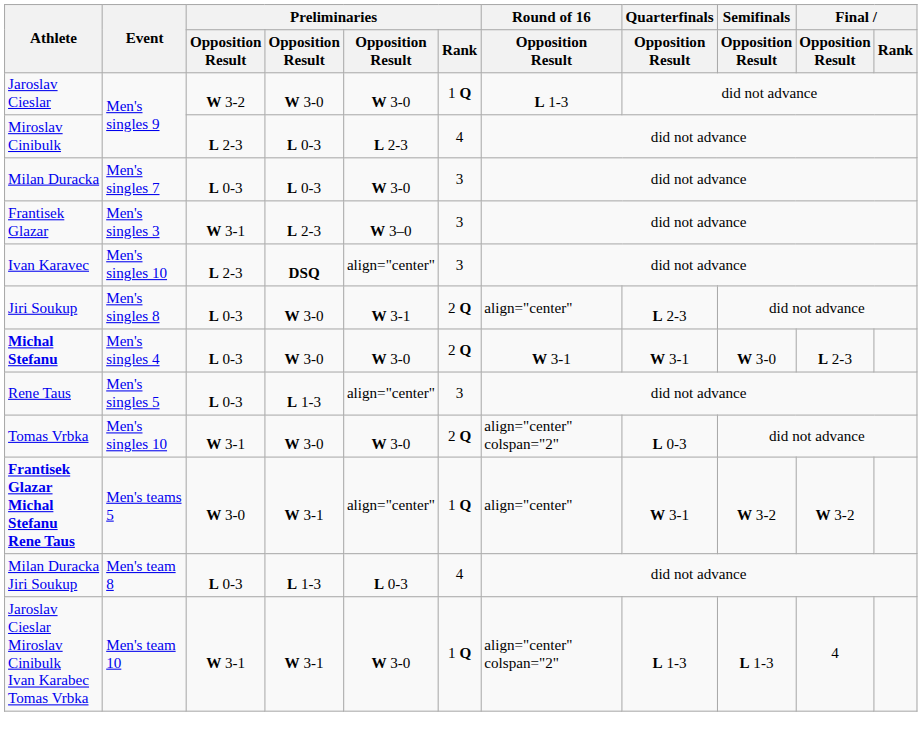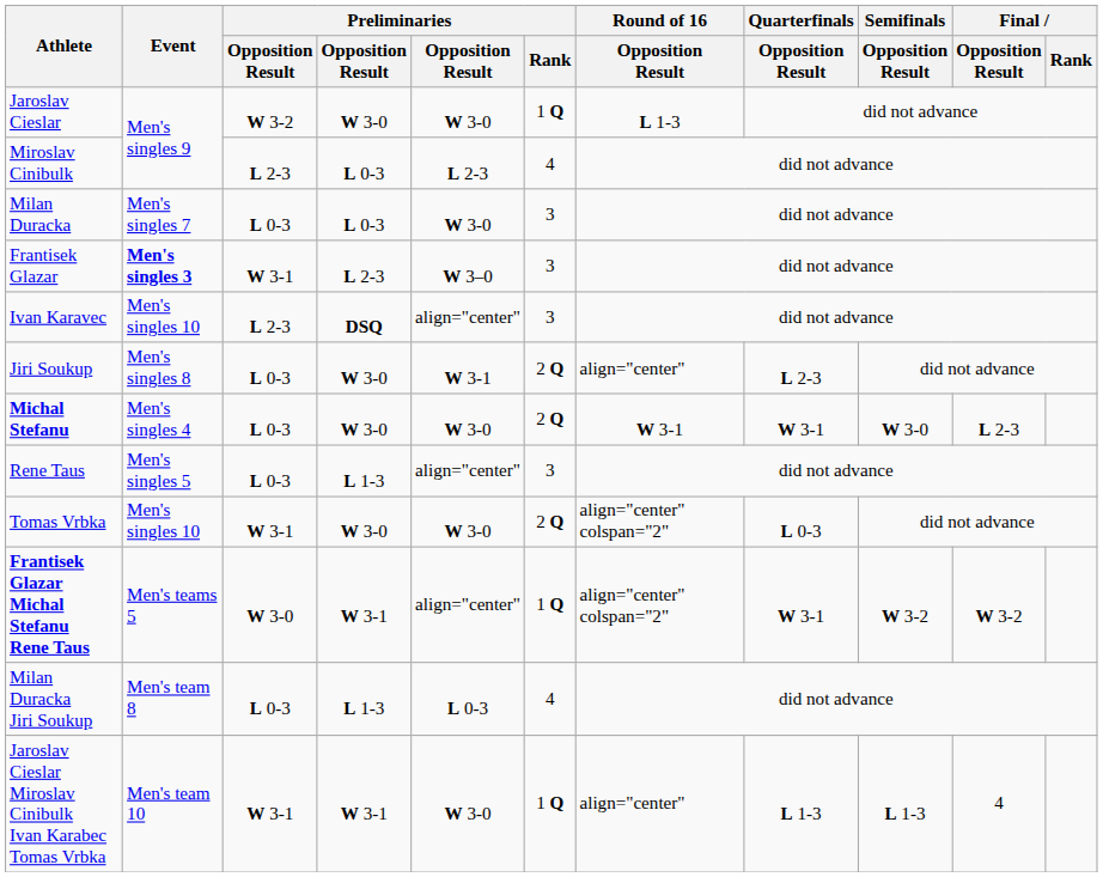 <table class=wikitable style="font-size:90%">
 <tr>
 <th rowspan="2">Athlete</th>
 <th rowspan="2">Event</th>
 <th colspan="4">Preliminaries</th>
 <th>Round of 16</th>
 <th>Quarterfinals</th>
 <th>Semifinals</th>
 <th colspan="2">Final / </th>
 </tr>
 <tr>
 <th>Opposition<br>Result</th>
 <th>Opposition<br>Result</th>
 <th>Opposition<br>Result</th>
 <th>Rank</th>
 <th>Opposition<br>Result</th>
 <th>Opposition<br>Result</th>
 <th>Opposition<br>Result</th>
 <th>Opposition<br>Result</th>
 <th>Rank</th>
 </tr>
 <tr>
 <td><a href='#'>Jaroslav Cieslar</a></td>
 <td rowspan="2"><a href='#'>Men's singles 9</a></td>
 <td align="center"><br><strong>W</strong> 3-2</td>
 <td align="center"><br><strong>W</strong> 3-0</td>
 <td align="center"><br><strong>W</strong> 3-0</td>
 <td align="center">1 <strong>Q</strong></td>
 <td align="center"><br><strong>L</strong> 1-3</td>
 <td align="center" colspan="4">did not advance</td>
 </tr>
 <tr>
 <td><a href='#'>Miroslav Cinibulk</a></td>
 <td align="center"><br><strong>L</strong> 2-3</td>
 <td align="center"><br><strong>L</strong> 0-3</td>
 <td align="center"><br><strong>L</strong> 2-3</td>
 <td align="center">4</td>
 <td align="center" colspan="5">did not advance</td>
 </tr>
 <tr>
 <td><a href='#'>Milan Duracka</a></td>
 <td><a href='#'>Men's singles 7</a></td>
 <td align="center"><br><strong>L</strong> 0-3</td>
 <td align="center"><br><strong>L</strong> 0-3</td>
 <td align="center"><br><strong>W</strong> 3-0</td>
 <td align="center">3</td>
 <td align="center" colspan="5">did not advance</td>
 </tr>
 <tr>
 <td><a href='#'>Frantisek Glazar</a></td>
-<td><a href='#'>Men's singles 3</a></td>
+<td><strong><a href='#'>Men's singles 3</a></strong></td>
 <td align="center"><br><strong>W</strong> 3-1</td>
 <td align="center"><br><strong>L</strong> 2-3</td>
 <td align="center"><br><strong>W</strong> 3–0</td>
 <td align="center">3</td>
 <td align="center" colspan="5">did not advance</td>
 </tr>
 <tr>
 <td><a href='#'>Ivan Karavec</a></td>
 <td><a href='#'>Men's singles 10</a></td>
 <td align="center"><br><strong>L</strong> 2-3</td>
 <td align="center"><br><strong>DSQ</strong></td>
 <td>align="center" </td>
 <td align="center">3</td>
 <td align="center" colspan="5">did not advance</td>
 </tr>
 <tr>
 <td><a href='#'>Jiri Soukup</a></td>
 <td><a href='#'>Men's singles 8</a></td>
 <td align="center"><br><strong>L</strong> 0-3</td>
 <td align="center"><br><strong>W</strong> 3-0</td>
 <td align="center"><br><strong>W</strong> 3-1</td>
 <td align="center">2 <strong>Q</strong></td>
 <td>align="center" </td>
 <td align="center"><br><strong>L</strong> 2-3</td>
 <td align="center" colspan="3">did not advance</td>
 </tr>
 <tr>
 <td><strong><a href='#'>Michal Stefanu</a></strong></td>
 <td><a href='#'>Men's singles 4</a></td>
 <td align="center"><br><strong>L</strong> 0-3</td>
 <td align="center"><br><strong>W</strong> 3-0</td>
 <td align="center"><br><strong>W</strong> 3-0</td>
 <td align="center">2 <strong>Q</strong></td>
 <td align="center"><br><strong>W</strong> 3-1</td>
 <td align="center"><br><strong>W</strong> 3-1</td>
 <td align="center"><br><strong>W</strong> 3-0</td>
 <td align="center"><br><strong>L</strong> 2-3</td>
 <td align="center"></td>
 </tr>
 <tr>
 <td><a href='#'>Rene Taus</a></td>
 <td><a href='#'>Men's singles 5</a></td>
 <td align="center"><br><strong>L</strong> 0-3</td>
 <td align="center"><br><strong>L</strong> 1-3</td>
 <td>align="center" </td>
 <td align="center">3</td>
 <td align="center" colspan="5">did not advance</td>
 </tr>
 <tr>
 <td><a href='#'>Tomas Vrbka</a></td>
 <td><a href='#'>Men's singles 10</a></td>
 <td align="center"><br><strong>W</strong> 3-1</td>
 <td align="center"><br><strong>W</strong> 3-0</td>
 <td align="center"><br><strong>W</strong> 3-0</td>
 <td align="center">2 <strong>Q</strong></td>
 <td>align="center" colspan="2" </td>
 <td align="center"><br><strong>L</strong> 0-3</td>
 <td align="center" colspan="3">did not advance</td>
 </tr>
 <tr>
 <td><strong><a href='#'>Frantisek Glazar</a></strong><br> <strong><a href='#'>Michal Stefanu</a></strong><br> <strong><a href='#'>Rene Taus</a></strong></td>
 <td><a href='#'>Men's teams 5</a></td>
 <td align="center"><br><strong>W</strong> 3-0</td>
 <td align="center"><br><strong>W</strong> 3-1</td>
 <td>align="center" </td>
 <td align="center">1 <strong>Q</strong></td>
-<td>align="center" </td>
+<td>align="center" colspan="2" </td>
 <td align="center"><br><strong>W</strong> 3-1</td>
 <td align="center"><br><strong>W</strong> 3-2</td>
 <td align="center"><br><strong>W</strong> 3-2</td>
 <td align="center"></td>
 </tr>
 <tr>
 <td><a href='#'>Milan Duracka</a><br> <a href='#'>Jiri Soukup</a></td>
 <td><a href='#'>Men's team 8</a></td>
 <td align="center"><br><strong>L</strong> 0-3</td>
 <td align="center"><br><strong>L</strong> 1-3</td>
 <td align="center"><br><strong>L</strong> 0-3</td>
 <td align="center">4</td>
 <td align="center" colspan="5">did not advance</td>
 </tr>
 <tr>
 <td><a href='#'>Jaroslav Cieslar</a><br> <a href='#'>Miroslav Cinibulk</a><br> <a href='#'>Ivan Karabec</a><br> <a href='#'>Tomas Vrbka</a></td>
 <td><a href='#'>Men's team 10</a></td>
 <td align="center"><br><strong>W</strong> 3-1</td>
 <td align="center"><br><strong>W</strong> 3-1</td>
 <td align="center"><br><strong>W</strong> 3-0</td>
 <td align="center">1 <strong>Q</strong></td>
-<td>align="center" colspan="2" </td>
+<td>align="center" </td>
 <td align="center"><br><strong>L</strong> 1-3</td>
 <td align="center"><br><strong>L</strong> 1-3</td>
 <td align="center">4</td>
 </tr>
 </table>
